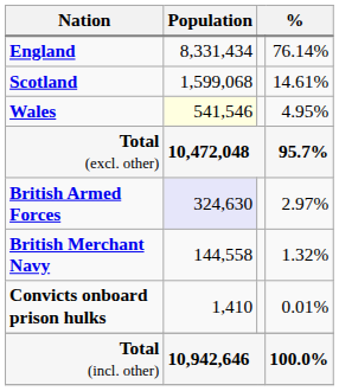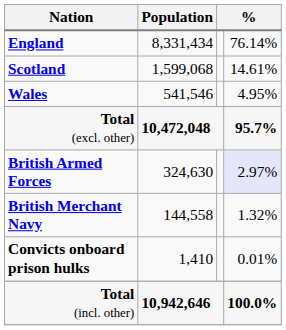 <table class="wikitable" style="font-size: 95%;">
 <tr style="border-bottom: 2px solid gray;">
 <th colspan="1" scope="col" rowspan="1" width="125">Nation</th>
 <th>Population</th>
 <th scope="col" colspan="2">%</th>
 </tr>
 <tr align="right">
 <td scope="row" align="left"><strong><a href='#'>England</a></strong></td>
 <td>8,331,434</td>
 <td align=center></td>
 <td>76.14%</td>
 </tr>
 <tr align="right">
 <td scope="row" align="left"><strong><a href='#'>Scotland</a></strong></td>
 <td>1,599,068</td>
 <td align=center></td>
 <td>14.61%</td>
 </tr>
 <tr align="right">
 <td scope="row" align="left"><strong><a href='#'>Wales</a></strong></td>
-<td style="background: lightyellow;">541,546</td>
+<td>541,546</td>
 <td align=center></td>
 <td>4.95%</td>
 </tr>
 <tr style="background-color:#F6F6F6">
 <td colspan="1" align="right"><strong>Total</strong><br><small>(excl. other)</small></td>
 <td colspan="2" align="left"><strong>10,472,048</strong></td>
 <td align="right"><strong>95.7%</strong></td>
 </tr>
 <tr align="right">
 <td scope="row" align="left"><strong><a href='#'>British Armed Forces</a></strong></td>
-<td style="background: lavender;">324,630</td>
+<td>324,630</td>
 <td align=center></td>
-<td>2.97%</td>
+<td style="background: lavender;">2.97%</td>
 </tr>
 <tr align="right">
 <td scope="row" align="left"><strong><a href='#'>British Merchant Navy</a></strong></td>
 <td>144,558</td>
 <td align=center></td>
 <td>1.32%</td>
 </tr>
 <tr align="right">
 <td scope="row" align="left"><strong>Convicts onboard prison hulks</strong></td>
 <td>1,410</td>
 <td align=center></td>
 <td>0.01%</td>
 </tr>
 <tr align="right">
 </tr>
 <tr style="background-color:#F6F6F6">
 <td colspan="1" align="right"><strong>Total</strong><br><small>(incl. other)</small></td>
 <td colspan="2" align="left"><strong>10,942,646</strong></td>
 <td align="right"><strong>100.0%</strong></td>
 </tr>
 <tr>
 </tr>
 </table>
